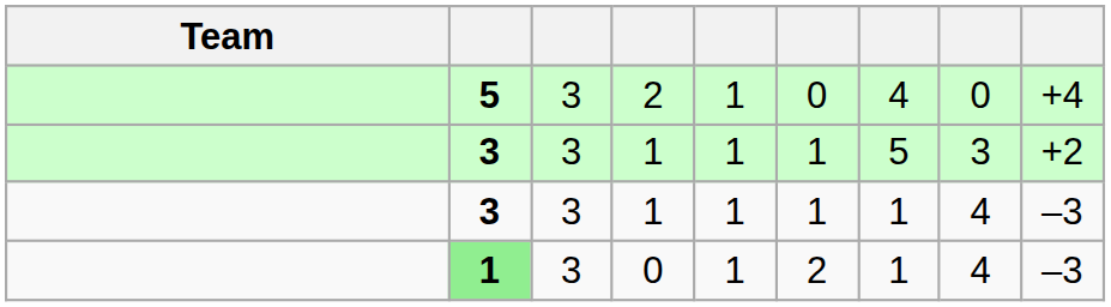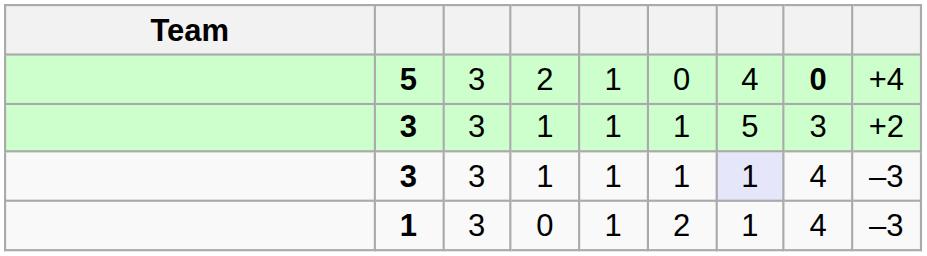 <table class="wikitable" style="text-align: center; font-size: 90%;">
 <tr>
 <th width="165">Team</th>
 <th width="25"></th>
 <th width="25"></th>
 <th width="25"></th>
 <th width="25"></th>
 <th width="25"></th>
 <th width="25"></th>
 <th width="25"></th>
 <th width="25"></th>
 </tr>
 <tr style="background:#ccffcc">
 <td style="text-align:left"></td>
 <td><strong>5</strong></td>
 <td>3</td>
 <td>2</td>
 <td>1</td>
 <td>0</td>
 <td>4</td>
-<td>0</td>
+<td><strong>0</strong></td>
 <td>+4</td>
 </tr>
 <tr style="background:#ccffcc">
 <td style="text-align:left"></td>
 <td><strong>3</strong></td>
 <td>3</td>
 <td>1</td>
 <td>1</td>
 <td>1</td>
 <td>5</td>
 <td>3</td>
 <td>+2</td>
 </tr>
 <tr>
 <td style="text-align:left"></td>
 <td><strong>3</strong></td>
 <td>3</td>
 <td>1</td>
 <td>1</td>
 <td>1</td>
-<td>1</td>
+<td style="background: lavender;">1</td>
 <td>4</td>
 <td>–3</td>
 </tr>
 <tr>
 <td style="text-align:left"></td>
-<td style="background: lightgreen;"><strong>1</strong></td>
+<td><strong>1</strong></td>
 <td>3</td>
 <td>0</td>
 <td>1</td>
 <td>2</td>
 <td>1</td>
 <td>4</td>
 <td>–3</td>
 </tr>
 </table>
